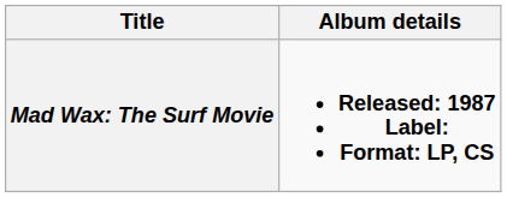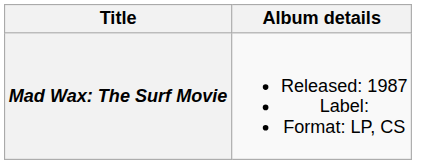 <table class="wikitable plainrowheaders" style="text-align:center;" border="1">
 <tr>
 <th rowspan="1">Title</th>
 <th rowspan="1">Album details</th>
 </tr>
 <tr>
 <th scope="row"><em>Mad Wax: The Surf Movie</em></th>
-<td><strong><br><ul><li>Released: 1987</li><li>Label:</li><li>Format: LP, CS</li></ul></strong></td>
+<td><br><ul><li>Released: 1987</li><li>Label:</li><li>Format: LP, CS</li></ul></td>
 </tr>
 </table>
